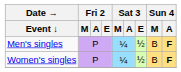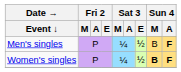 <table class="wikitable" style="margin:0.5em auto; font-size:90%; line-height:1.25em;">
 <tr style="text-align:center;">
 <th>Date →</th>
 <th colspan="3">Fri 2</th>
 <th colspan="3">Sat 3</th>
 <th colspan="2">Sun 4</th>
 </tr>
 <tr>
 <th>Event   ↓</th>
 <th>M</th>
 <th>A</th>
 <th>E</th>
 <th>M</th>
 <th>A</th>
 <th>E</th>
 <th>M</th>
 <th>A</th>
 </tr>
 <tr style="text-align:center;">
 <td style="text-align:left;"><a href='#'>Men's singles</a></td>
 <td colspan="3" style="background-color:#D0A9F5">P</td>
 <td colspan="2" style="background-color:#97DEFF">¼</td>
 <td style="background-color:#D9FFB2;">½</td>
 <td style="background-color:#FFDF80;">B</td>
 <td style="background-color:#FFDF80;"><strong>F</strong></td>
 </tr>
 <tr style="text-align:center;">
 <td style="text-align:left;"><a href='#'>Women's singles</a></td>
 <td colspan="3" style="background-color:#D0A9F5">P</td>
 <td colspan="2" style="background-color:#97DEFF">¼</td>
 <td style="background-color:#D9FFB2;">½</td>
-<td style="background-color:#FFDF80;">B</td>
+<td style="background-color:#FFDF80;"><strong>B</strong></td>
 <td style="background-color:#FFDF80;"><strong>F</strong></td>
 </tr>
 <tr>
 </tr>
 </table>
